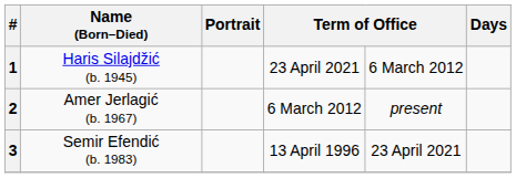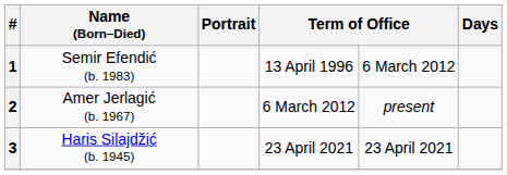 <table class="wikitable" style="text-align:center">
 <tr ->
 <th>#</th>
 <th width=180>Name<br><small>(Born–Died)</small></th>
 <th>Portrait</th>
 <th colspan=2>Term of Office</th>
 <th>Days</th>
 </tr>
 <tr ->
 <th align=center style="background: ">1</th>
-<td><a href='#'>Haris Silajdžić</a><br><small>(b. 1945)</small></td>
+<td>Semir Efendić<br><small>(b. 1983)</small></td>
 <td></td>
-<td>23 April 2021</td>
+<td>13 April 1996</td>
 <td>6 March 2012</td>
 <td></td>
 </tr>
 <tr ->
 <th align=center style="background: ">2</th>
 <td>Amer Jerlagić<br><small>(b. 1967)</small></td>
 <td></td>
 <td>6 March 2012</td>
 <td><em>present</em></td>
 <td></td>
 </tr>
 <tr ->
 <th align=center style="background: ">3</th>
-<td>Semir Efendić<br><small>(b. 1983)</small></td>
+<td><a href='#'>Haris Silajdžić</a><br><small>(b. 1945)</small></td>
 <td></td>
-<td>13 April 1996</td>
+<td>23 April 2021</td>
 <td>23 April 2021</td>
 <td></td>
 </tr>
 <tr ->
 </tr>
 </table>
